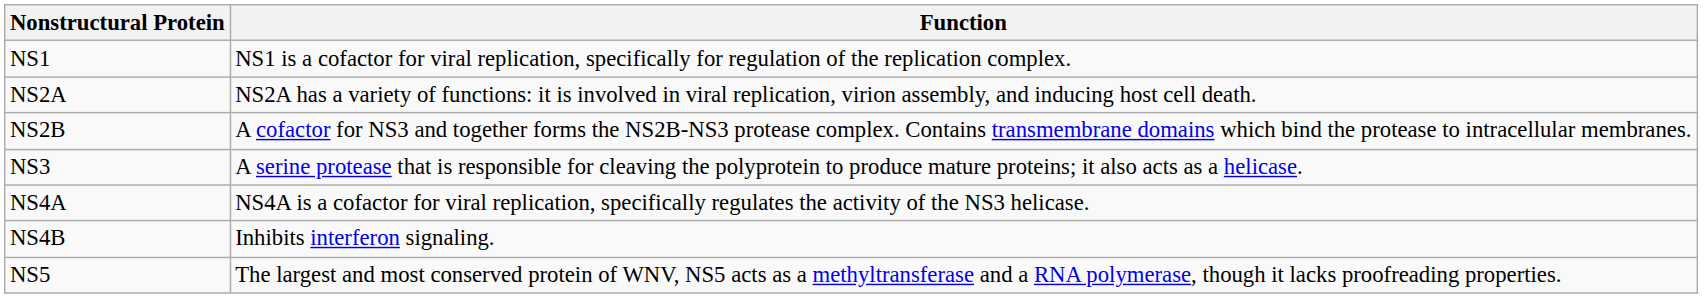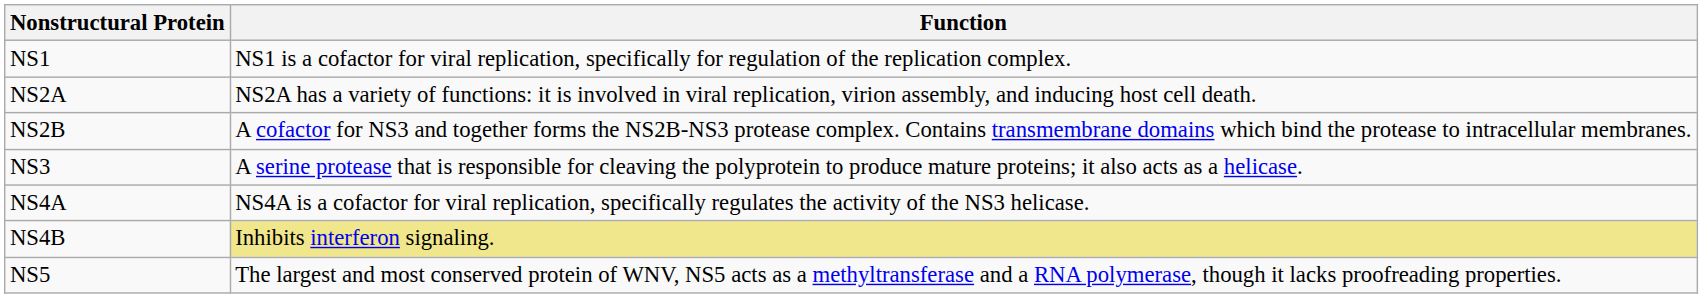 <table class="wikitable">
 <tr>
 <th>Nonstructural Protein</th>
 <th>Function</th>
 </tr>
 <tr>
 <td>NS1</td>
 <td>NS1 is a cofactor for viral replication, specifically for regulation of the replication complex.</td>
 </tr>
 <tr>
 <td>NS2A</td>
 <td>NS2A has a variety of functions: it is involved in viral replication, virion assembly, and inducing host cell death.</td>
 </tr>
 <tr>
 <td>NS2B</td>
 <td>A <a href='#'>cofactor</a> for NS3 and together forms the NS2B-NS3 protease complex. Contains <a href='#'>transmembrane domains</a> which bind the protease to intracellular membranes.</td>
 </tr>
 <tr>
 <td>NS3</td>
 <td>A <a href='#'>serine protease</a> that is responsible for cleaving the polyprotein to produce mature proteins; it also acts as a <a href='#'>helicase</a>.</td>
 </tr>
 <tr>
 <td>NS4A</td>
 <td>NS4A is a cofactor for viral replication, specifically regulates the activity of the NS3 helicase.</td>
 </tr>
 <tr>
 <td>NS4B</td>
-<td>Inhibits <a href='#'>interferon</a> signaling.</td>
+<td style="background: khaki;">Inhibits <a href='#'>interferon</a> signaling.</td>
 </tr>
 <tr>
 <td>NS5</td>
 <td>The largest and most conserved protein of WNV, NS5 acts as a <a href='#'>methyltransferase</a> and a <a href='#'>RNA polymerase</a>, though it lacks proofreading properties.</td>
 </tr>
 </table>
